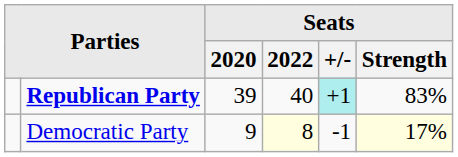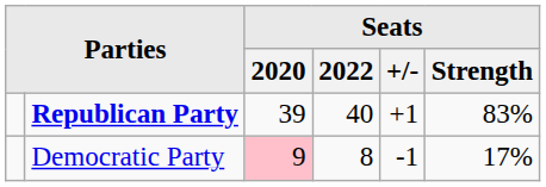 <table class=wikitable>
 <tr>
 <th style="background-color:#E9E9E9" align=center rowspan=2 colspan=2>Parties</th>
 <th style="background-color:#E9E9E9" align=center colspan=5>Seats</th>
 </tr>
 <tr bgcolor=#E9E9E9>
 <th>2020</th>
 <th>2022</th>
 <th>+/-</th>
 <th>Strength</th>
 </tr>
 <tr>
 <td style="background-color:"> </td>
 <td><strong><a href='#'>Republican Party</a></strong></td>
 <td align=right>39</td>
 <td align=right>40</td>
-<td align=right style="background: paleturquoise;">+1</td>
+<td align=right>+1</td>
 <td align=right>83%</td>
 </tr>
 <tr>
 <td style="background-color:"> </td>
 <td><a href='#'>Democratic Party</a></td>
-<td align=right>9</td>
-<td align=right style="background: lightyellow;">8</td>
+<td align=right style="background: pink;">9</td>
+<td align=right>8</td>
 <td align=right>-1</td>
-<td align=right style="background: lightyellow;">17%</td>
+<td align=right>17%</td>
 </tr>
 </table>
